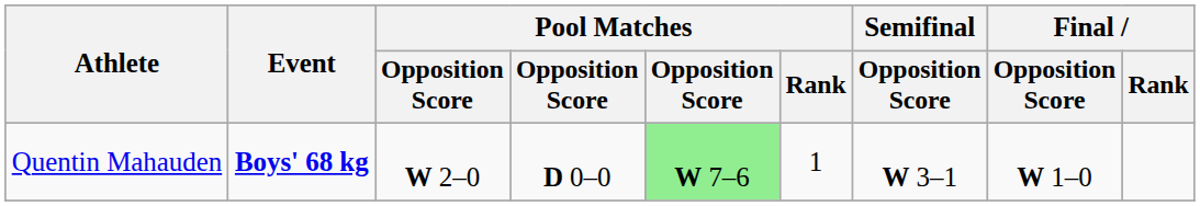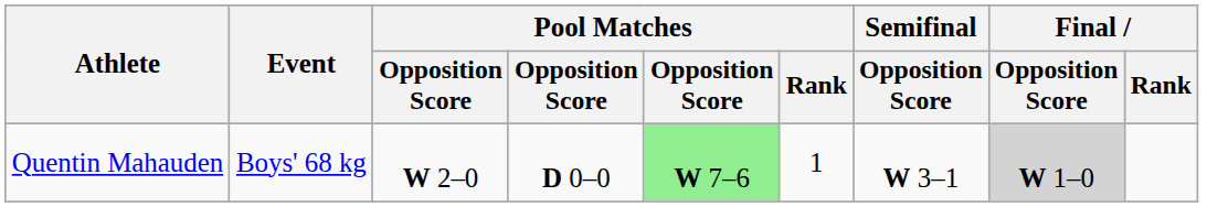 <table class="wikitable" style="font-size:90%">
 <tr>
 <th rowspan=2>Athlete</th>
 <th rowspan=2>Event</th>
 <th colspan=4>Pool Matches</th>
 <th>Semifinal</th>
 <th colspan=2>Final / </th>
 </tr>
 <tr style="font-size:95%">
 <th>Opposition<br>Score</th>
 <th>Opposition<br>Score</th>
 <th>Opposition<br>Score</th>
 <th>Rank</th>
 <th>Opposition<br>Score</th>
 <th>Opposition<br>Score</th>
 <th>Rank</th>
 </tr>
 <tr align=center>
 <td align=left><a href='#'>Quentin Mahauden</a></td>
-<td align=left><strong><a href='#'>Boys' 68 kg</a></strong></td>
+<td align=left><a href='#'>Boys' 68 kg</a></td>
 <td><br><strong>W</strong> 2–0</td>
 <td><br><strong>D</strong> 0–0</td>
 <td style="background: lightgreen;"><br><strong>W</strong> 7–6</td>
 <td>1</td>
 <td><br><strong>W</strong> 3–1</td>
-<td><br><strong>W</strong> 1–0</td>
+<td style="background: lightgrey;"><br><strong>W</strong> 1–0</td>
 <td></td>
 </tr>
 </table>
